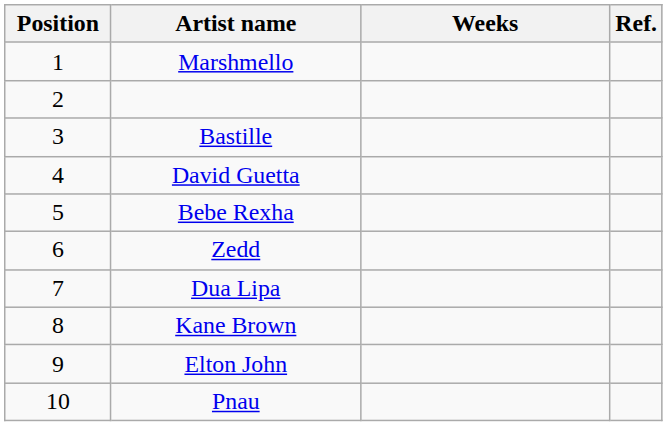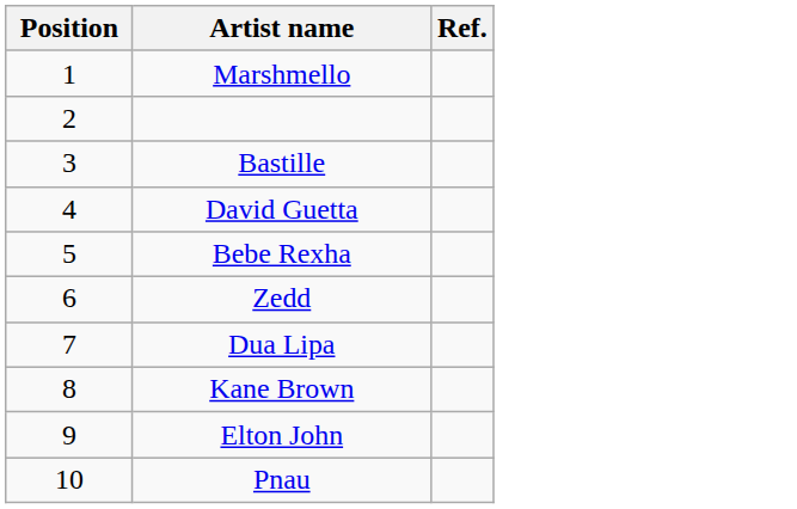 <table class="wikitable sortable plainrowheaders" style="text-align:center;">
 <tr>
 <th scope="col" style="width:4em;" class="unsortable">Position</th>
 <th scope="col" style="width:10em;">Artist name</th>
-<th scope="col" style="width:10em;">Weeks</th>
 <th scope="col" style="width:1em;">Ref.</th>
 </tr>
 <tr>
 <td>1</td>
 <td><a href='#'>Marshmello</a></td>
 <td></td>
-<td></td>
 </tr>
 <tr>
 <td>2</td>
-<td></td>
 <td></td>
 <td></td>
 </tr>
 <tr>
 <td>3</td>
 <td><a href='#'>Bastille</a></td>
 <td></td>
-<td></td>
 </tr>
 <tr>
 <td>4</td>
 <td><a href='#'>David Guetta</a></td>
-<td></td>
 <td></td>
 </tr>
 <tr>
 <td>5</td>
 <td><a href='#'>Bebe Rexha</a></td>
 <td></td>
-<td></td>
 </tr>
 <tr>
 <td>6</td>
 <td><a href='#'>Zedd</a></td>
-<td></td>
 <td></td>
 </tr>
 <tr>
 <td>7</td>
 <td><a href='#'>Dua Lipa</a></td>
 <td></td>
-<td></td>
 </tr>
 <tr>
 <td>8</td>
 <td><a href='#'>Kane Brown</a></td>
-<td></td>
 <td></td>
 </tr>
 <tr>
 <td>9</td>
 <td><a href='#'>Elton John</a></td>
 <td></td>
-<td></td>
 </tr>
 <tr>
 <td>10</td>
 <td><a href='#'>Pnau</a></td>
 <td></td>
-<td></td>
 </tr>
 </table>
